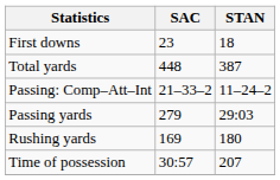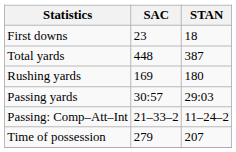 <table class="wikitable" style="float: left;">
 <tr>
 <th>Statistics</th>
 <th>SAC</th>
 <th>STAN</th>
 </tr>
 <tr>
 <td>First downs</td>
 <td>23</td>
 <td>18</td>
 </tr>
 <tr>
 <td>Total yards</td>
 <td>448</td>
 <td>387</td>
 </tr>
 <tr>
+<td>Rushing yards</td>
+<td>169</td>
+<td>180</td>
+</tr>
+<tr>
+<td>Passing yards</td>
+<td>30:57</td>
+<td>29:03</td>
+</tr>
+<tr>
 <td>Passing: Comp–Att–Int</td>
 <td>21–33–2</td>
 <td>11–24–2</td>
 </tr>
 <tr>
-<td>Passing yards</td>
+<td>Time of possession</td>
 <td>279</td>
-<td>29:03</td>
-</tr>
-<tr>
-<td>Rushing yards</td>
-<td>169</td>
-<td>180</td>
-</tr>
-<tr>
-<td>Time of possession</td>
-<td>30:57</td>
 <td>207</td>
 </tr>
 <tr>
 </tr>
 </table>
